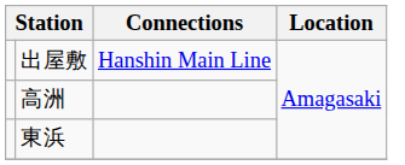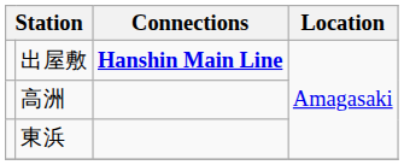 <table class=wikitable>
 <tr>
 <th colspan=2>Station</th>
 <th>Connections</th>
 <th>Location</th>
 </tr>
 <tr>
 <td></td>
 <td>出屋敷</td>
-<td><a href='#'>Hanshin Main Line</a></td>
+<td><strong><a href='#'>Hanshin Main Line</a></strong></td>
 <td rowspan="3"><a href='#'>Amagasaki</a></td>
 </tr>
 <tr>
 <td></td>
 <td>高洲</td>
 <td></td>
 </tr>
 <tr>
 <td></td>
 <td>東浜</td>
 <td></td>
 </tr>
 <tr>
 </tr>
 </table>
